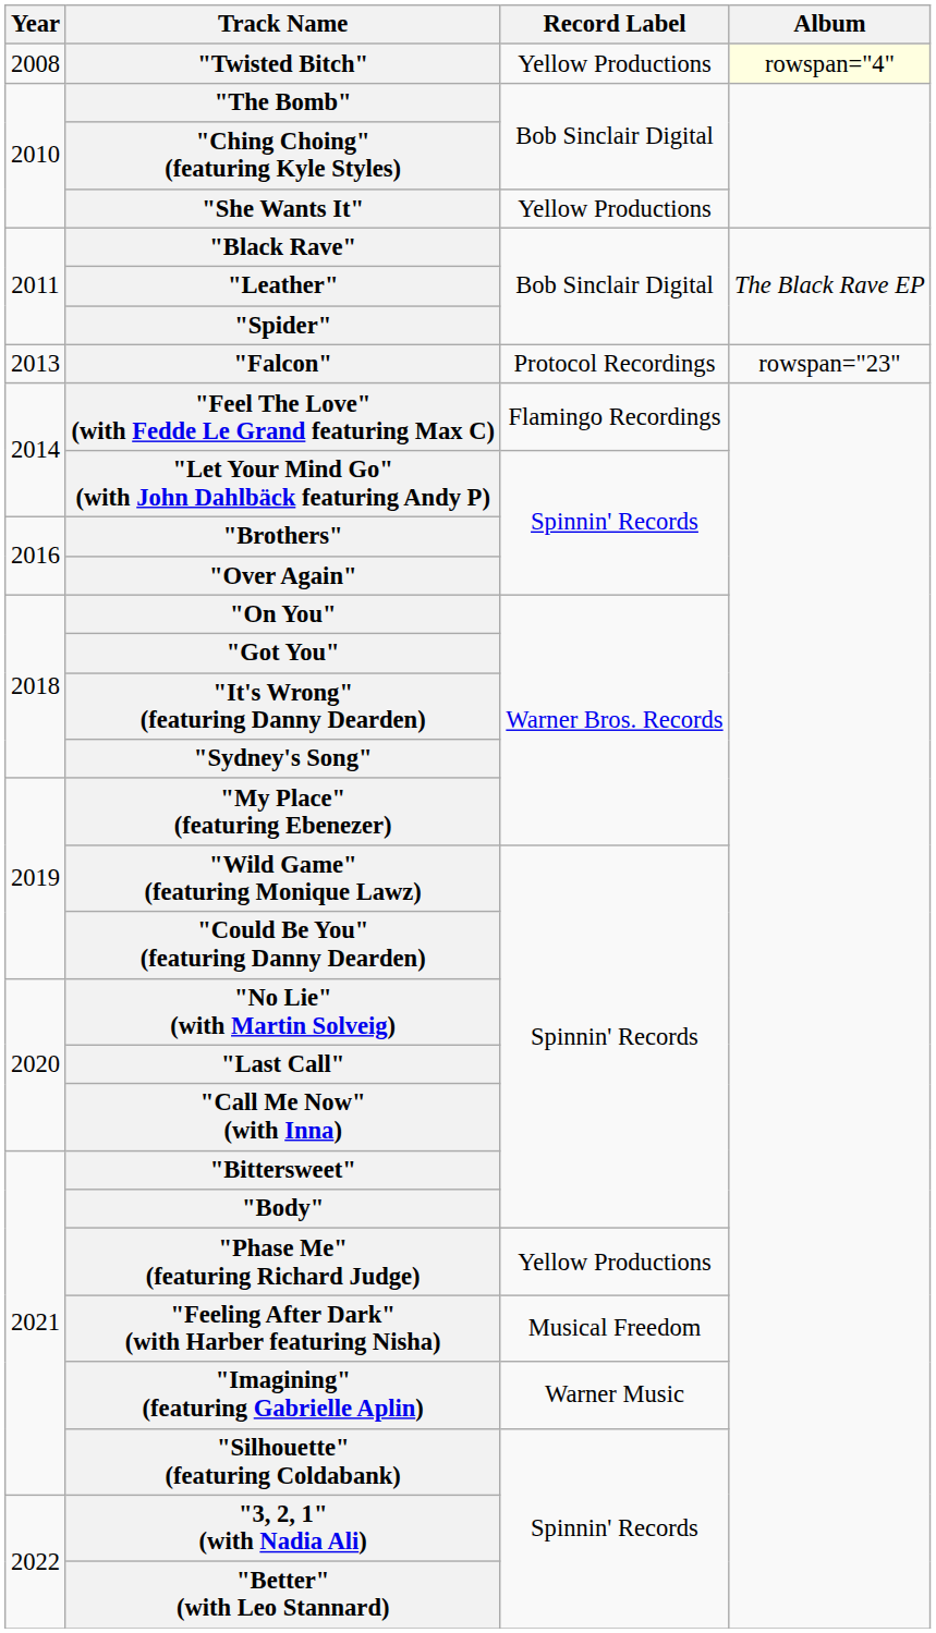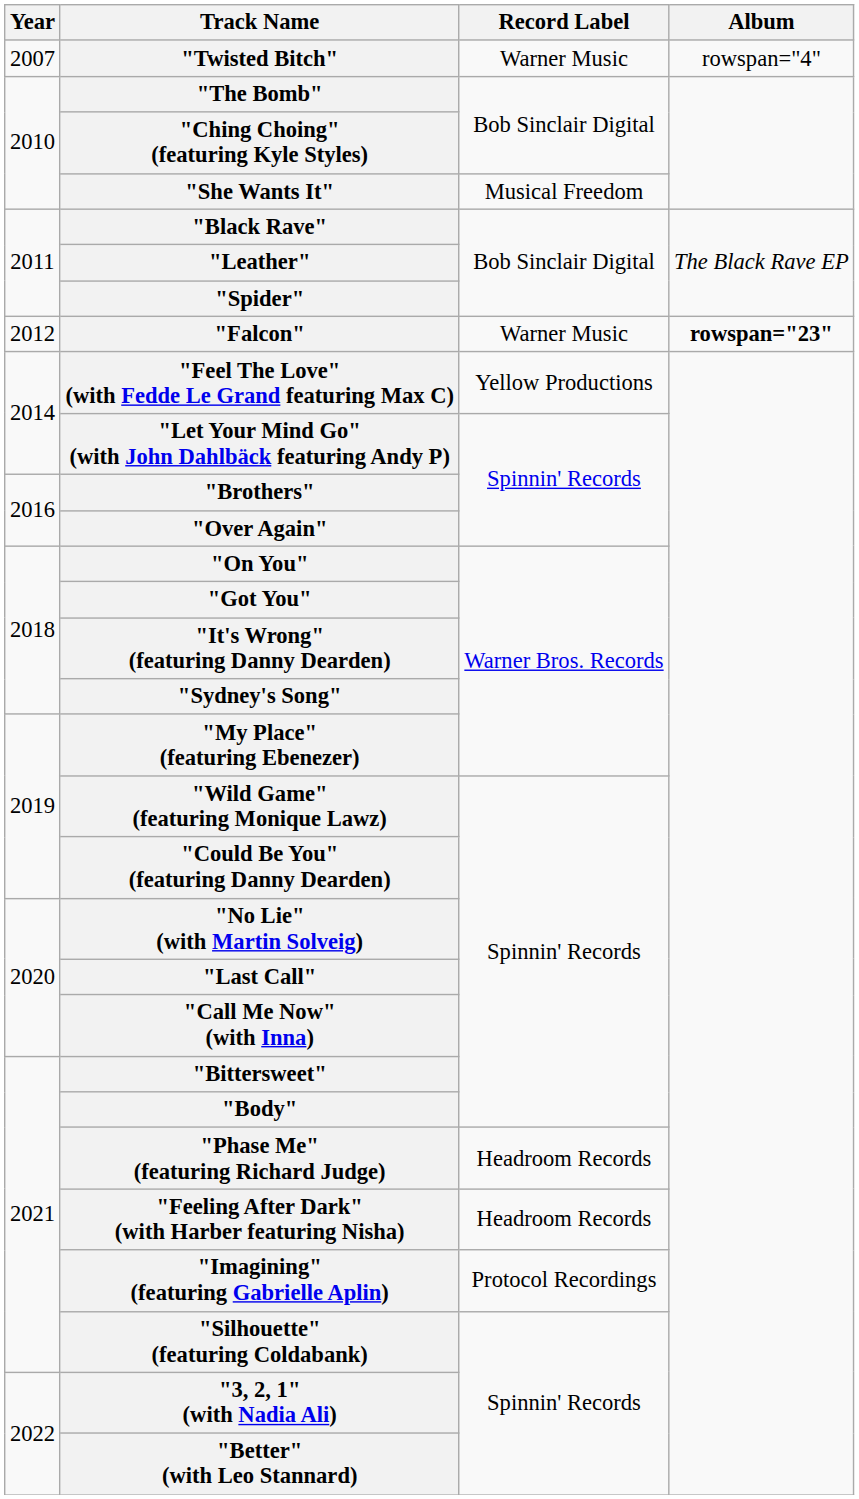 <table class="wikitable plainrowheaders" style="text-align:center;">
 <tr>
 <th>Year</th>
 <th>Track Name</th>
 <th>Record Label</th>
 <th>Album</th>
 </tr>
 <tr>
-<td>2008</td>
+<td>2007</td>
 <th scope="row">"Twisted Bitch"</th>
-<td rowspan="1">Yellow Productions</td>
-<td style="background: lightyellow;">rowspan="4" </td>
+<td>Warner Music</td>
+<td>rowspan="4" </td>
 </tr>
 <tr>
 <td rowspan="3">2010</td>
 <th scope="row">"The Bomb"</th>
 <td rowspan="2">Bob Sinclair Digital</td>
 </tr>
 <tr>
 <th scope="row">"Ching Choing" <br><span>(featuring Kyle Styles)</span></th>
 </tr>
 <tr>
 <th scope="row">"She Wants It"</th>
-<td>Yellow Productions</td>
+<td>Musical Freedom</td>
 </tr>
 <tr>
 <td rowspan="3">2011</td>
 <th scope="row">"Black Rave"</th>
 <td rowspan="3">Bob Sinclair Digital</td>
 <td rowspan="3"><em>The Black Rave EP</em></td>
 </tr>
 <tr>
 <th scope="row">"Leather"</th>
 </tr>
 <tr>
 <th scope="row">"Spider"</th>
 </tr>
 <tr>
-<td>2013</td>
+<td>2012</td>
 <th scope="row">"Falcon"</th>
-<td>Protocol Recordings</td>
-<td>rowspan="23" </td>
+<td>Warner Music</td>
+<td><strong>rowspan="23" </strong></td>
 </tr>
 <tr>
 <td rowspan="2">2014</td>
 <th scope="row">"Feel The Love" <br><span>(with <a href='#'>Fedde Le Grand</a> featuring Max C)</span></th>
-<td>Flamingo Recordings</td>
+<td>Yellow Productions</td>
 </tr>
 <tr>
 <th scope="row">"Let Your Mind Go" <br><span>(with <a href='#'>John Dahlbäck</a> featuring Andy P)</span></th>
 <td rowspan="3"><a href='#'>Spinnin' Records</a></td>
 </tr>
 <tr>
 <td rowspan="2">2016</td>
 <th scope="row">"Brothers"</th>
 </tr>
 <tr>
 <th scope="row">"Over Again"</th>
 </tr>
 <tr>
 <td rowspan="4">2018</td>
 <th scope="row">"On You"</th>
 <td rowspan="5"><a href='#'>Warner Bros. Records</a></td>
 </tr>
 <tr>
 <th scope="row">"Got You"</th>
 </tr>
 <tr>
 <th scope="row">"It's Wrong" <br><span>(featuring Danny Dearden)</span></th>
 </tr>
 <tr>
 <th scope="row">"Sydney's Song"</th>
 </tr>
 <tr>
 <td rowspan="3">2019</td>
 <th scope="row">"My Place" <br><span>(featuring Ebenezer)</span></th>
 </tr>
 <tr>
 <th scope="row">"Wild Game" <br><span>(featuring Monique Lawz)</span></th>
 <td rowspan="7">Spinnin' Records</td>
 </tr>
 <tr>
 <th scope="row">"Could Be You" <br><span>(featuring Danny Dearden)</span></th>
 </tr>
 <tr>
 <td rowspan="3">2020</td>
 <th scope="row">"No Lie" <br><span>(with <a href='#'>Martin Solveig</a>)</span></th>
 </tr>
 <tr>
 <th scope="row">"Last Call"</th>
 </tr>
 <tr>
 <th scope="row">"Call Me Now" <br><span>(with <a href='#'>Inna</a>)</span></th>
 </tr>
 <tr>
 <td rowspan="6">2021</td>
 <th scope="row">"Bittersweet"</th>
 </tr>
 <tr>
 <th scope="row">"Body"</th>
 </tr>
 <tr>
 <th scope="row">"Phase Me" <br><span>(featuring Richard Judge)</span></th>
-<td>Yellow Productions</td>
+<td>Headroom Records</td>
 </tr>
 <tr>
 <th scope="row">"Feeling After Dark" <br><span>(with Harber featuring Nisha)</span></th>
-<td>Musical Freedom</td>
+<td>Headroom Records</td>
 </tr>
 <tr>
 <th scope="row">"Imagining" <br><span>(featuring <a href='#'>Gabrielle Aplin</a>)</span></th>
-<td>Warner Music</td>
+<td>Protocol Recordings</td>
 </tr>
 <tr>
 <th scope="row">"Silhouette" <br><span>(featuring Coldabank)</span></th>
 <td rowspan="3">Spinnin' Records</td>
 </tr>
 <tr>
 <td rowspan="2">2022</td>
 <th scope="row">"3, 2, 1" <br><span>(with <a href='#'>Nadia Ali</a>)</span></th>
 </tr>
 <tr>
 <th scope="row">"Better" <br><span>(with Leo Stannard)</span></th>
 </tr>
 </table>
